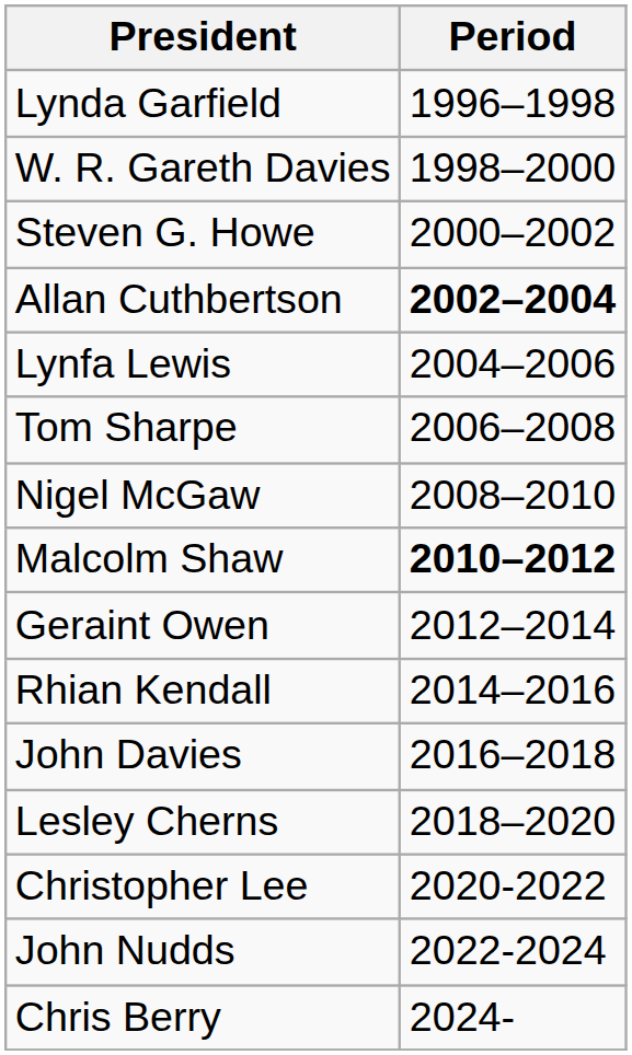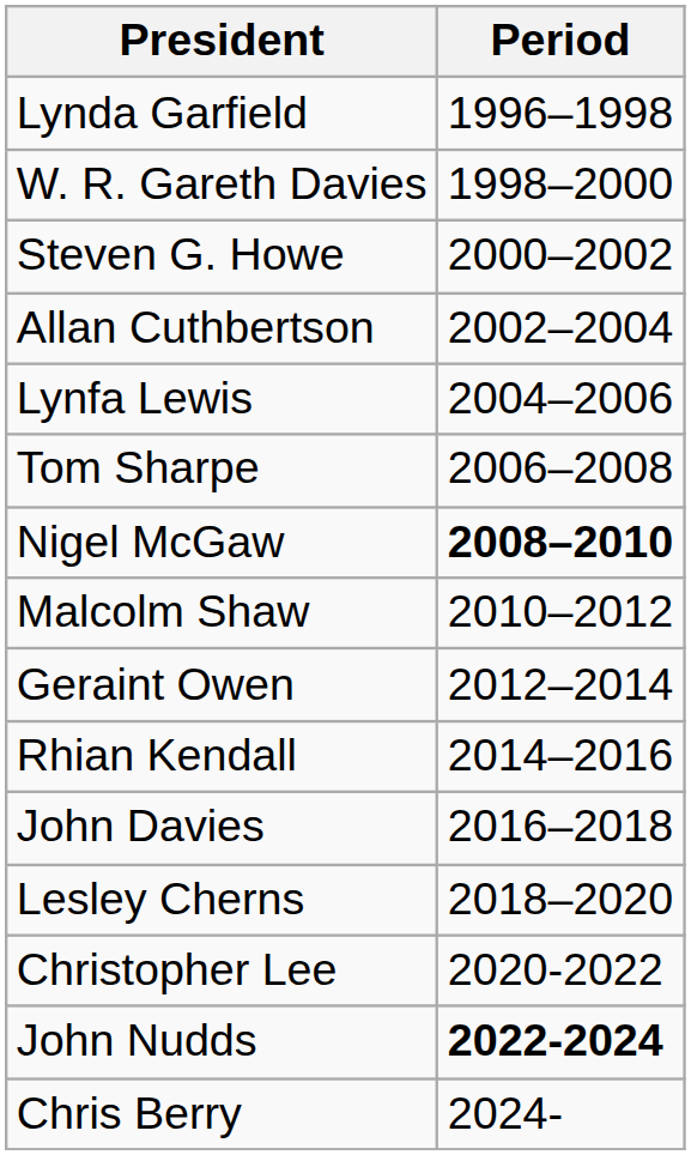 <table class="wikitable">
 <tr>
 <th>President</th>
 <th>Period</th>
 </tr>
 <tr>
 <td>Lynda Garfield</td>
 <td>1996–1998</td>
 </tr>
 <tr>
 <td>W. R. Gareth Davies</td>
 <td>1998–2000</td>
 </tr>
 <tr>
 <td>Steven G. Howe</td>
 <td>2000–2002</td>
 </tr>
 <tr>
 <td>Allan Cuthbertson</td>
-<td><strong>2002–2004</strong></td>
+<td>2002–2004</td>
 </tr>
 <tr>
 <td>Lynfa Lewis</td>
 <td>2004–2006</td>
 </tr>
 <tr>
 <td>Tom Sharpe</td>
 <td>2006–2008</td>
 </tr>
 <tr>
 <td>Nigel McGaw</td>
-<td>2008–2010</td>
+<td><strong>2008–2010</strong></td>
 </tr>
 <tr>
 <td>Malcolm Shaw</td>
-<td><strong>2010–2012</strong></td>
+<td>2010–2012</td>
 </tr>
 <tr>
 <td>Geraint Owen</td>
 <td>2012–2014</td>
 </tr>
 <tr>
 <td>Rhian Kendall</td>
 <td>2014–2016</td>
 </tr>
 <tr>
 <td>John Davies</td>
 <td>2016–2018</td>
 </tr>
 <tr>
 <td>Lesley Cherns</td>
 <td>2018–2020</td>
 </tr>
 <tr>
 <td>Christopher Lee</td>
 <td>2020-2022</td>
 </tr>
 <tr>
 <td>John Nudds</td>
-<td>2022-2024</td>
+<td><strong>2022-2024</strong></td>
 </tr>
 <tr>
 <td>Chris Berry</td>
 <td>2024-</td>
 </tr>
 </table>
